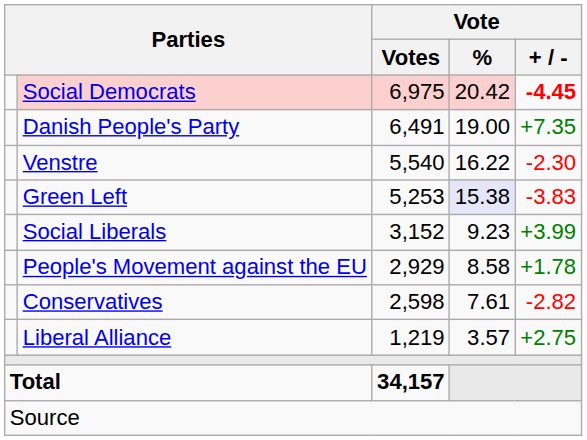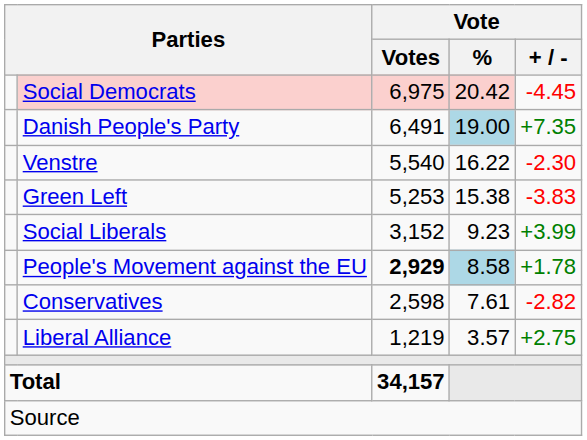 <table class="wikitable" style="text-align:right;">
 <tr>
 <th style="text-align:centre;" rowspan="2" colspan="2" width="225">Parties</th>
 <th colspan="3">Vote</th>
 </tr>
 <tr>
 <th width="15">Votes</th>
 <th width="15">%</th>
 <th width="15">+ / -</th>
 </tr>
 <tr>
 <td width="2" style="color:inherit;background:"></td>
 <td bgcolor=#fbd0ce   align="left"><a href='#'>Social Democrats</a></td>
 <td bgcolor=#fbd0ce>6,975</td>
 <td bgcolor=#fbd0ce>20.42</td>
-<td style=color:red;><strong>-4.45</strong></td>
+<td style=color:red;>-4.45</td>
 </tr>
 <tr>
 <td width="2" style="color:inherit;background:"></td>
 <td align="left"><a href='#'>Danish People's Party</a></td>
 <td>6,491</td>
-<td>19.00</td>
+<td style="background: lightblue;">19.00</td>
 <td style=color:green;>+7.35</td>
 </tr>
 <tr>
 <td width="2" style="color:inherit;background:"></td>
 <td align="left"><a href='#'>Venstre</a></td>
 <td>5,540</td>
 <td>16.22</td>
 <td style=color:red;>-2.30</td>
 </tr>
 <tr>
 <td width="2" style="color:inherit;background:"></td>
 <td align="left"><a href='#'>Green Left</a></td>
 <td>5,253</td>
-<td style="background: lavender;">15.38</td>
+<td>15.38</td>
 <td style=color:red;>-3.83</td>
 </tr>
 <tr>
 <td width="2" style="color:inherit;background:"></td>
 <td align="left"><a href='#'>Social Liberals</a></td>
 <td>3,152</td>
 <td>9.23</td>
 <td style=color:green;>+3.99</td>
 </tr>
 <tr>
 <td width="2" style="color:inherit;background:"></td>
 <td align="left"><a href='#'>People's Movement against the EU</a></td>
-<td>2,929</td>
-<td>8.58</td>
+<td><strong>2,929</strong></td>
+<td style="background: lightblue;">8.58</td>
 <td style=color:green;>+1.78</td>
 </tr>
 <tr>
 <td width="2" style="color:inherit;background:"></td>
 <td align="left"><a href='#'>Conservatives</a></td>
 <td>2,598</td>
 <td>7.61</td>
 <td style=color:red;>-2.82</td>
 </tr>
 <tr>
 <td width="2" style="color:inherit;background:"></td>
 <td align="left"><a href='#'>Liberal Alliance</a></td>
 <td>1,219</td>
 <td>3.57</td>
 <td style=color:green;>+2.75</td>
 </tr>
 <tr>
 <td colspan="7" bgcolor="#E9E9E9"></td>
 </tr>
 <tr>
 <td align="left" colspan="2"><strong>Total</strong></td>
 <td><strong>34,157</strong></td>
 <td bgcolor="#E9E9E9" colspan="2"></td>
 </tr>
 <tr>
 <td align="left" colspan="6">Source</td>
 </tr>
 </table>
